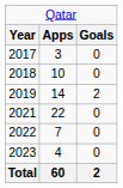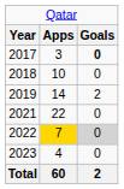 <table class="wikitable" style="text-align:center">
 <tr>
 <td colspan=4><a href='#'>Qatar</a></td>
 </tr>
 <tr>
 <th>Year</th>
 <th>Apps</th>
 <th>Goals</th>
 </tr>
 <tr>
 <td>2017</td>
 <td>3</td>
-<td>0</td>
+<td><strong>0</strong></td>
 </tr>
 <tr>
 <td>2018</td>
 <td>10</td>
 <td>0</td>
 </tr>
 <tr>
 <td>2019</td>
 <td>14</td>
 <td>2</td>
 </tr>
 <tr>
 <td>2021</td>
 <td>22</td>
 <td>0</td>
 </tr>
 <tr>
 <td>2022</td>
-<td>7</td>
-<td>0</td>
+<td style="background: gold;">7</td>
+<td style="background: lightgrey;">0</td>
 </tr>
 <tr>
 <td>2023</td>
 <td>4</td>
 <td>0</td>
 </tr>
 <tr>
 <th>Total</th>
 <th>60</th>
 <th>2</th>
 </tr>
 </table>
